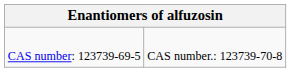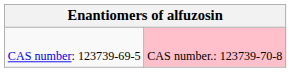 <table class="wikitable" style="text-align:center">
 <tr class="hintergrundfarbe6">
 <th colspan="2">Enantiomers of alfuzosin</th>
 </tr>
 <tr>
 <td><br><small><a href='#'>CAS number</a>: 123739-69-5</small></td>
-<td><br><small>CAS number.: 123739-70-8</small></td>
+<td style="background: pink;"><br><small>CAS number.: 123739-70-8</small></td>
 </tr>
 </table>
